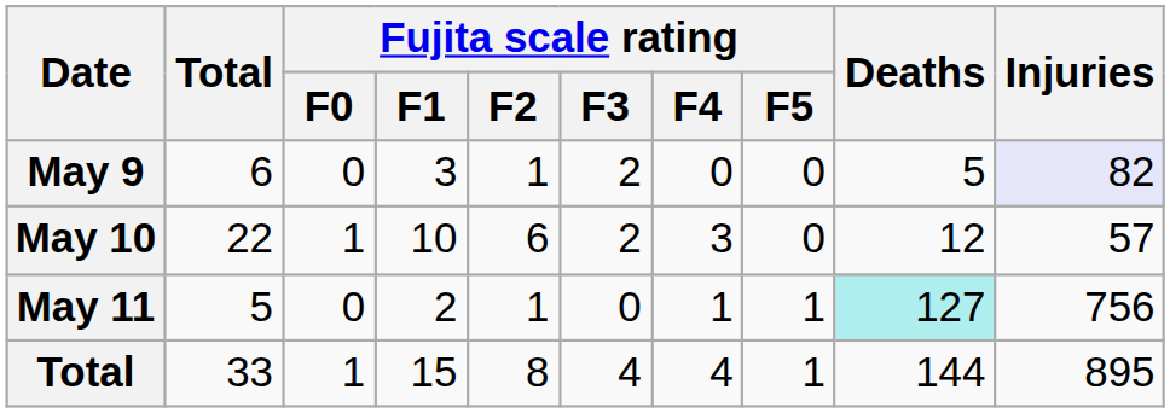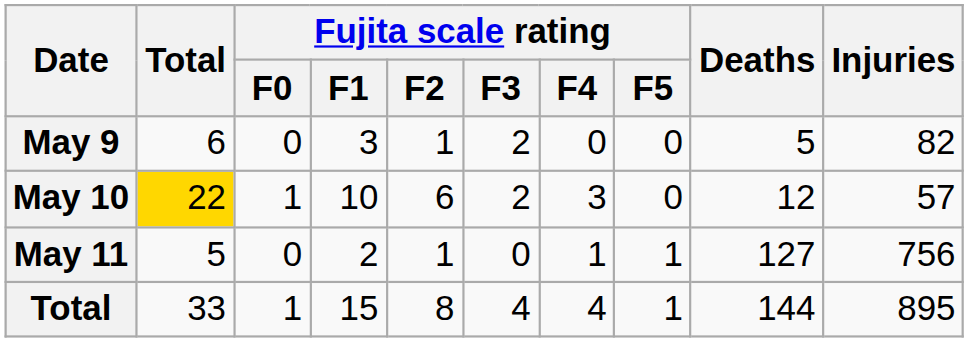 <table class="wikitable sortable" style="margin: 1em auto 1em auto;">
 <tr>
 <th scope="col" rowspan="2">Date</th>
 <th scope="col" rowspan="2" style="text-align:center;">Total</th>
 <th scope="col" colspan="6" style="text-align:center;"><a href='#'>Fujita scale</a> rating</th>
 <th scope="col" rowspan="2" style="text-align:center;">Deaths</th>
 <th scope="col" rowspan="2" style="text-align:center;">Injuries</th>
 </tr>
 <tr>
 <th scope="col" style="text-align:center;"> F0 </th>
 <th scope="col" style="text-align:center;"> F1 </th>
 <th scope="col" style="text-align:center;"> F2 </th>
 <th scope="col" style="text-align:center;"> F3 </th>
 <th scope="col" style="text-align:center;"> F4 </th>
 <th scope="col" style="text-align:center;"> F5 </th>
 </tr>
 <tr>
 <th scope="row">May 9</th>
 <td align="right">6</td>
 <td align="right">0</td>
 <td align="right">3</td>
 <td align="right">1</td>
 <td align="right">2</td>
 <td align="right">0</td>
 <td align="right">0</td>
 <td align="right">5</td>
-<td align="right" style="background: lavender;">82</td>
+<td align="right">82</td>
 </tr>
 <tr>
 <th scope="row">May 10</th>
-<td align="right">22</td>
+<td align="right" style="background: gold;">22</td>
 <td align="right">1</td>
 <td align="right">10</td>
 <td align="right">6</td>
 <td align="right">2</td>
 <td align="right">3</td>
 <td align="right">0</td>
 <td align="right">12</td>
 <td align="right">57</td>
 </tr>
 <tr>
 <th scope="row">May 11</th>
 <td align="right">5</td>
 <td align="right">0</td>
 <td align="right">2</td>
 <td align="right">1</td>
 <td align="right">0</td>
 <td align="right">1</td>
 <td align="right">1</td>
-<td align="right" style="background: paleturquoise;">127</td>
+<td align="right">127</td>
 <td align="right">756</td>
 </tr>
 <tr>
 <th scope="row">Total</th>
 <td align="right">33</td>
 <td align="right">1</td>
 <td align="right">15</td>
 <td align="right">8</td>
 <td align="right">4</td>
 <td align="right">4</td>
 <td align="right">1</td>
 <td align="right">144</td>
 <td align="right">895</td>
 </tr>
 </table>
